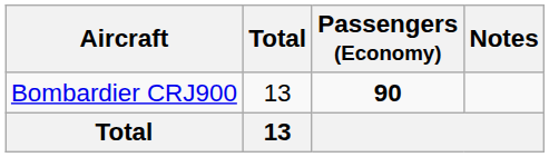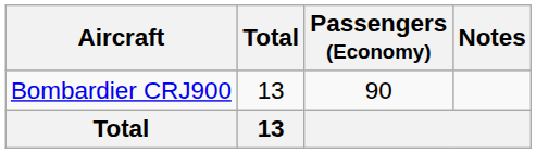 <table class="wikitable" style="margin:0.5em auto; text-align:center">
 <tr>
 <th>Aircraft</th>
 <th>Total</th>
 <th>Passengers <br><small>(Economy)</small></th>
 <th>Notes</th>
 </tr>
 <tr>
 <td><a href='#'>Bombardier CRJ900</a></td>
 <td>13</td>
-<td><strong>90</strong></td>
+<td>90</td>
 <td></td>
 </tr>
 <tr>
 <th>Total</th>
 <th>13</th>
 <th colspan=2></th>
 </tr>
 </table>
